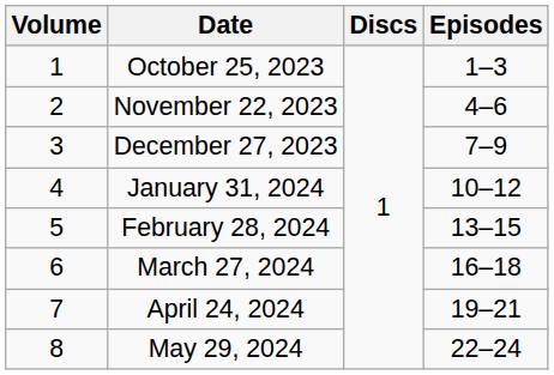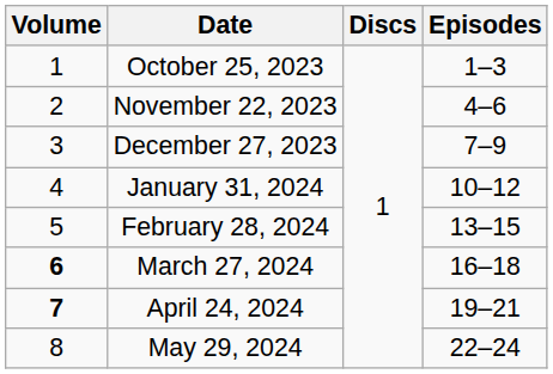 <table class="wikitable" style="text-align:center;">
 <tr>
 <th>Volume</th>
 <th>Date</th>
 <th>Discs</th>
 <th>Episodes</th>
 </tr>
 <tr>
 <td>1</td>
 <td>October 25, 2023</td>
 <td rowspan="8">1</td>
 <td>1–3</td>
 </tr>
 <tr>
 <td>2</td>
 <td>November 22, 2023</td>
 <td>4–6</td>
 </tr>
 <tr>
 <td>3</td>
 <td>December 27, 2023</td>
 <td>7–9</td>
 </tr>
 <tr>
 <td>4</td>
 <td>January 31, 2024</td>
 <td>10–12</td>
 </tr>
 <tr>
 <td>5</td>
 <td>February 28, 2024</td>
 <td>13–15</td>
 </tr>
 <tr>
-<td>6</td>
+<td><strong>6</strong></td>
 <td>March 27, 2024</td>
 <td>16–18</td>
 </tr>
 <tr>
-<td>7</td>
+<td><strong>7</strong></td>
 <td>April 24, 2024</td>
 <td>19–21</td>
 </tr>
 <tr>
 <td>8</td>
 <td>May 29, 2024</td>
 <td>22–24</td>
 </tr>
 </table>
